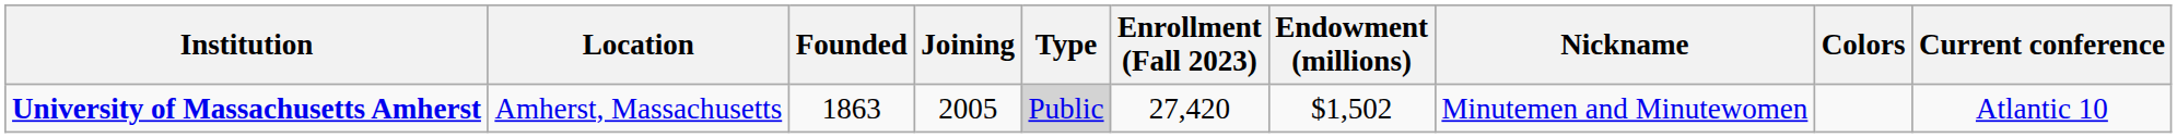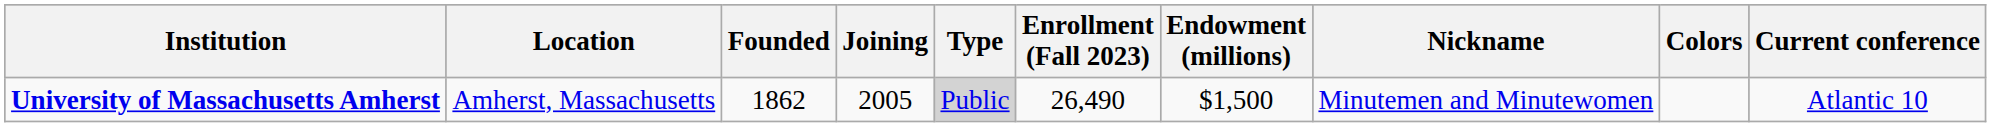 <table class="wikitable" style="text-align: center;">
 <tr>
 <th width=px>Institution</th>
 <th width=px>Location</th>
 <th width=px>Founded</th>
 <th width=px>Joining</th>
 <th width=px>Type</th>
 <th width=px>Enrollment<br>(Fall 2023)</th>
 <th width=px>Endowment<br>(millions)</th>
 <th width=px>Nickname</th>
 <th width=px>Colors</th>
 <th width=px>Current conference</th>
 </tr>
 <tr>
 <td><strong><a href='#'>University of Massachusetts Amherst</a></strong></td>
 <td><a href='#'>Amherst, Massachusetts</a></td>
-<td>1863</td>
+<td>1862</td>
 <td>2005</td>
 <td style="background: lightgrey;"><a href='#'>Public</a></td>
-<td>27,420</td>
-<td>$1,502</td>
+<td>26,490</td>
+<td>$1,500</td>
 <td><a href='#'>Minutemen and Minutewomen</a></td>
 <td></td>
 <td><a href='#'>Atlantic 10</a></td>
 </tr>
 </table>
